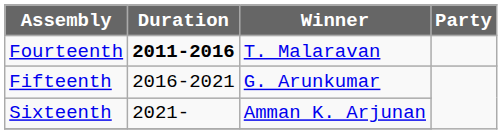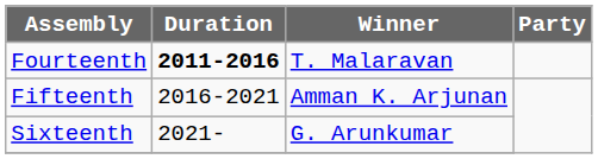 <table class="wikitable sortable">
 <tr>
 <th style="background-color:#666666; color:white">Assembly</th>
 <th style="background-color:#666666; color:white">Duration</th>
 <th style="background-color:#666666; color:white">Winner</th>
 <th style="background-color:#666666; color:white" colspan="2">Party</th>
 </tr>
 <tr>
 <td><a href='#'>Fourteenth</a></td>
 <td><strong>2011-2016</strong></td>
 <td><a href='#'>T. Malaravan</a></td>
 <td></td>
 </tr>
 <tr>
 <td><a href='#'>Fifteenth</a></td>
 <td>2016-2021</td>
-<td><a href='#'>G. Arunkumar</a></td>
+<td><a href='#'>Amman K. Arjunan</a></td>
 </tr>
 <tr>
 <td><a href='#'>Sixteenth</a></td>
 <td>2021-</td>
-<td><a href='#'>Amman K. Arjunan</a></td>
+<td><a href='#'>G. Arunkumar</a></td>
 </tr>
 <tr>
 </tr>
 </table>
